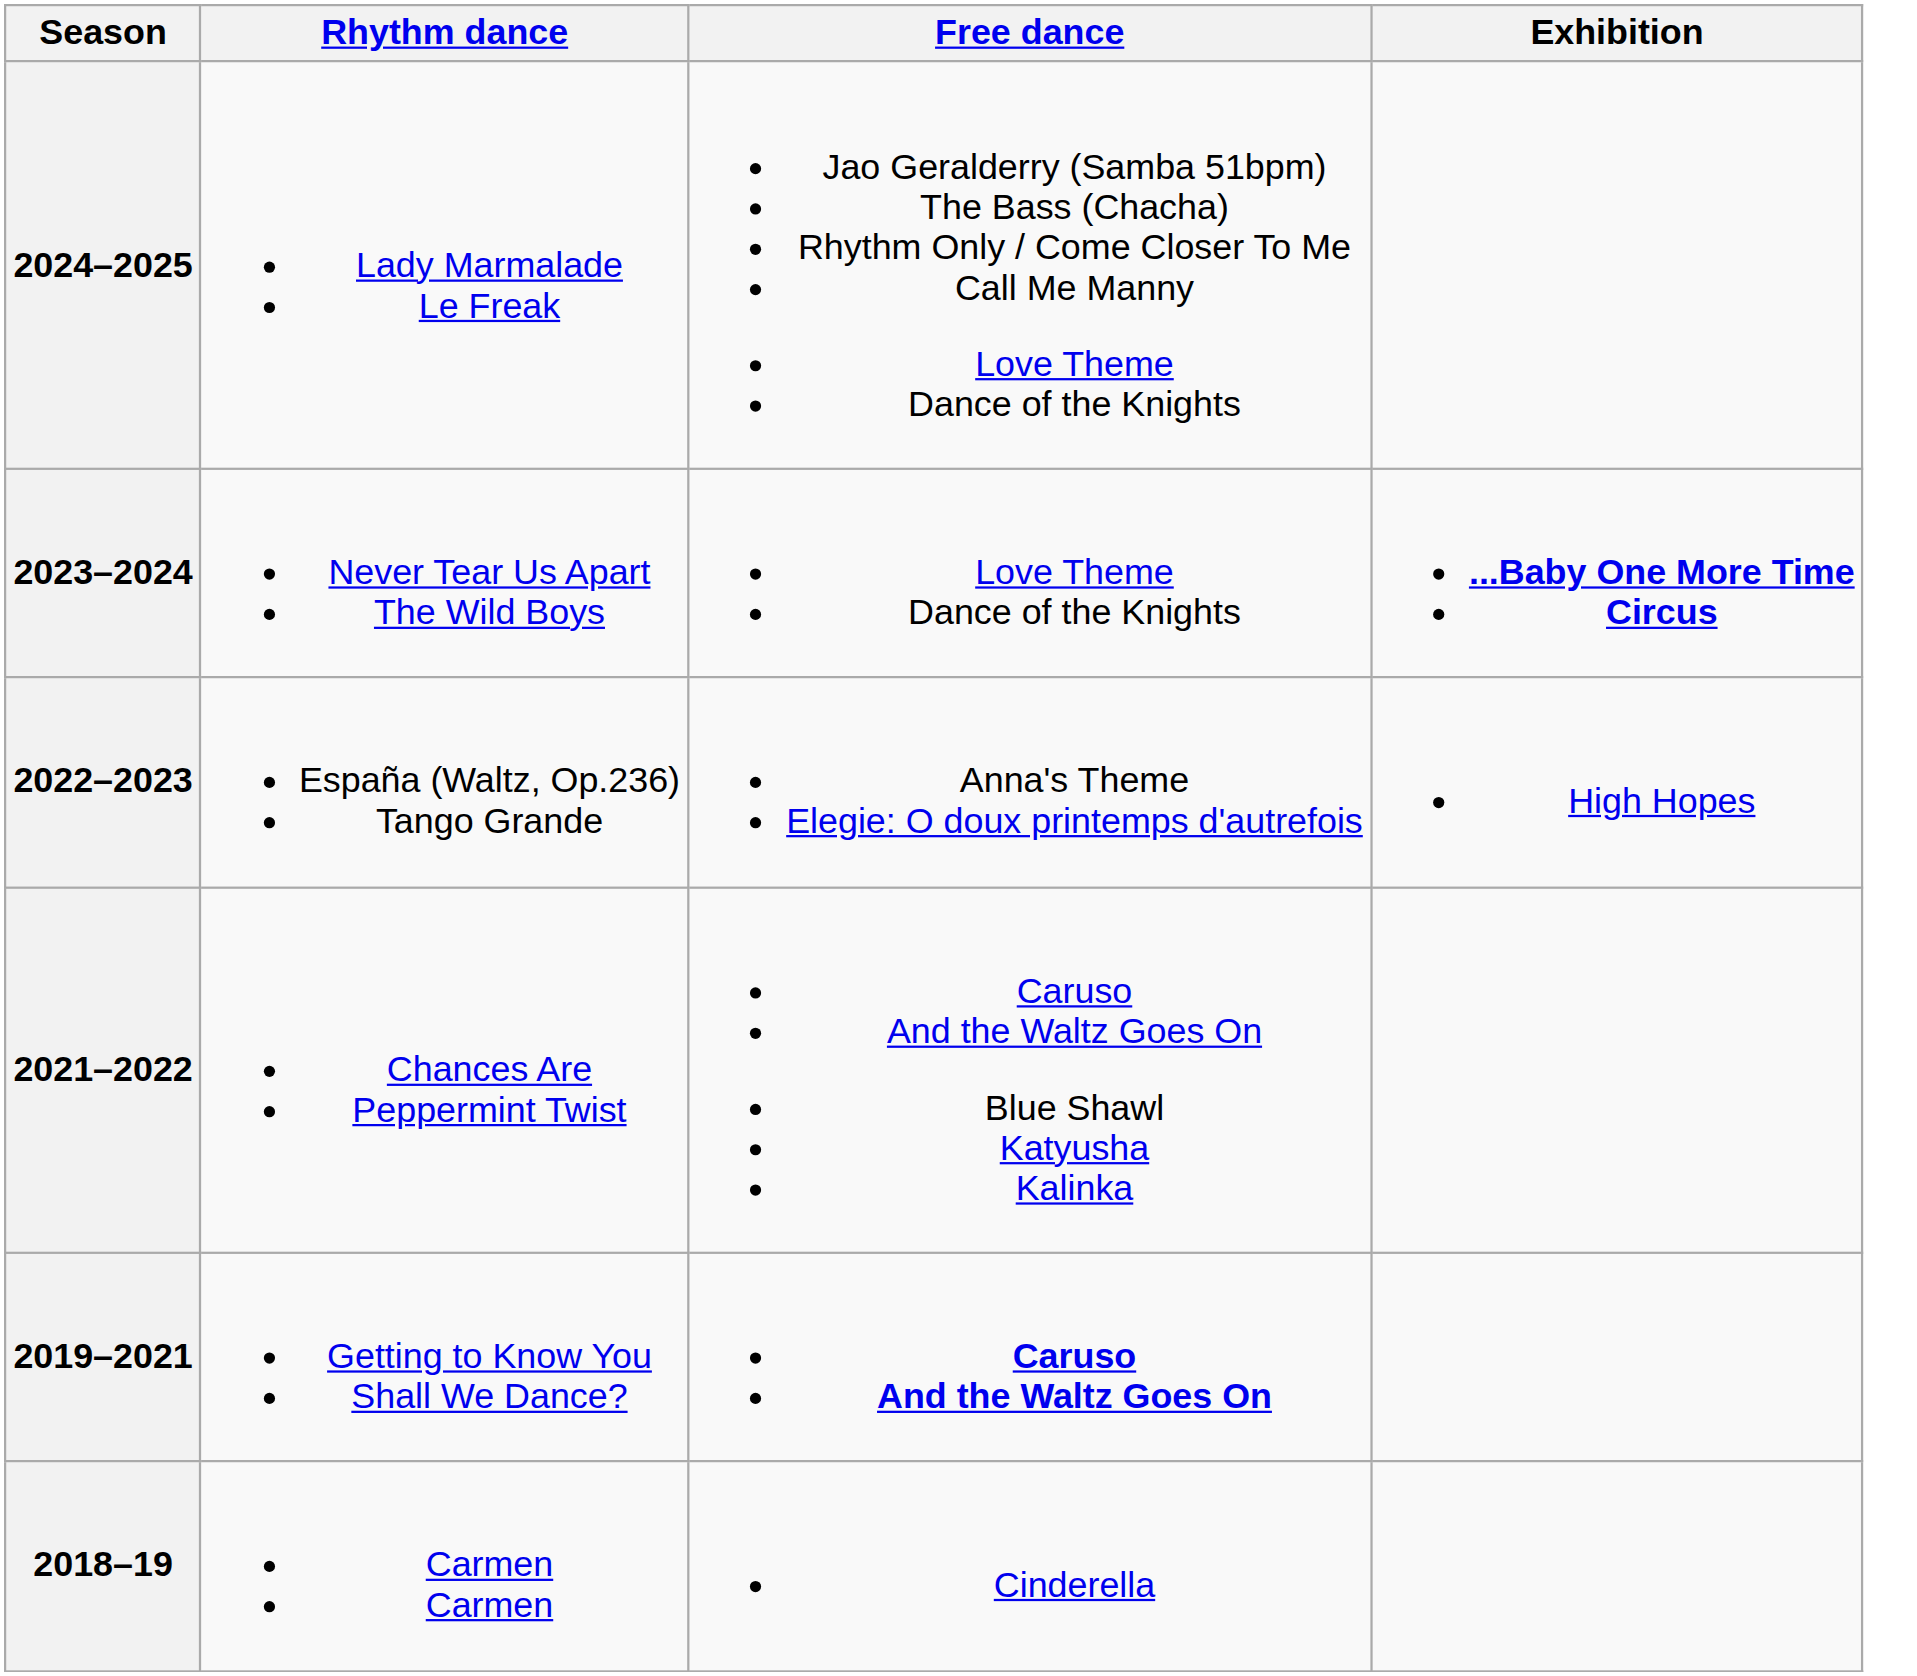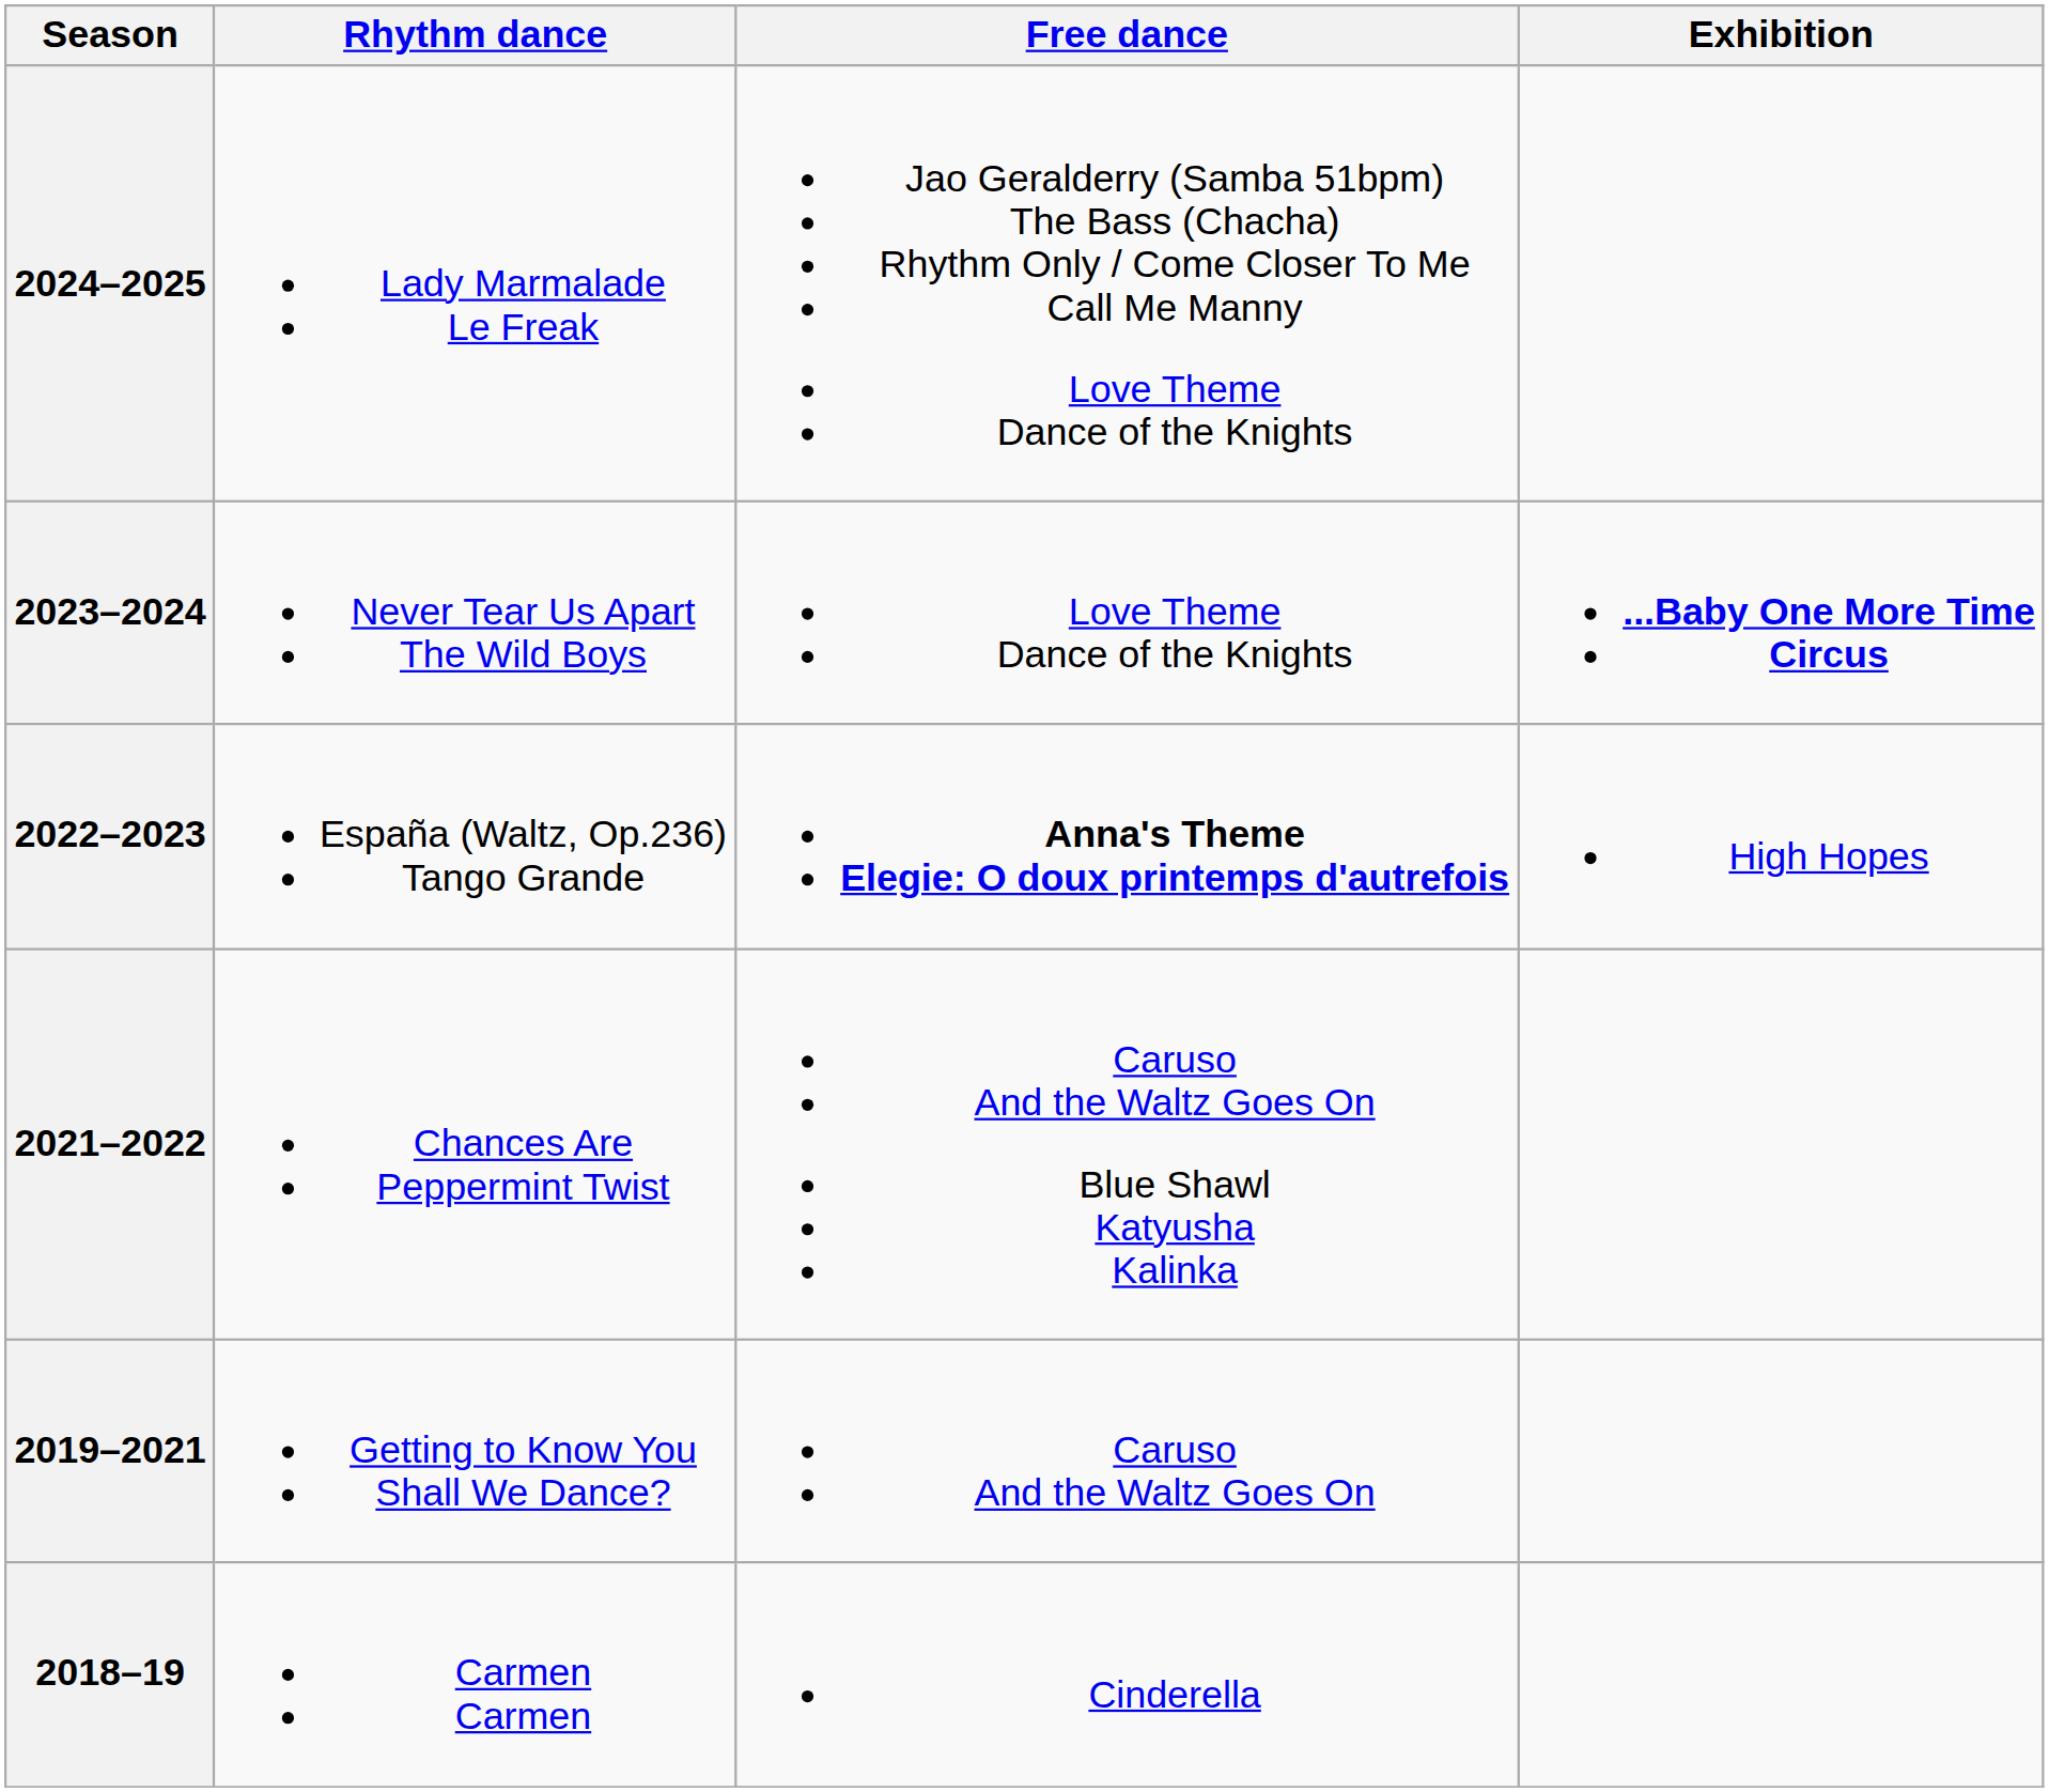 <table class="wikitable" style="text-align:center">
 <tr>
 <th>Season</th>
 <th><a href='#'>Rhythm dance</a></th>
 <th><a href='#'>Free dance</a></th>
 <th>Exhibition</th>
 </tr>
 <tr>
 <th>2024–2025 <br> </th>
 <td><br><ul><li><a href='#'>Lady Marmalade</a> <br> </li><li><a href='#'>Le Freak</a> <br> </li></ul></td>
 <td><br><ul><li>Jao Geralderry (Samba 51bpm)</li><li>The Bass (Chacha) <br> </li><li>Rhythm Only / Come Closer To Me <br> </li><li>Call Me Manny <br> </li></ul><ul><li><a href='#'>Love Theme</a> <br> </li><li>Dance of the Knights <br> </li></ul></td>
 <td></td>
 </tr>
 <tr>
 <th>2023–2024 <br> </th>
 <td><br><ul><li><a href='#'>Never Tear Us Apart</a> <br></li><li><a href='#'>The Wild Boys</a> <br> </li></ul></td>
 <td><br><ul><li><a href='#'>Love Theme</a> <br> </li><li>Dance of the Knights <br> </li></ul></td>
 <td><strong><br><ul><li><a href='#'>...Baby One More Time</a></li><li><a href='#'>Circus</a> <br></li></ul></strong></td>
 </tr>
 <tr>
 <th>2022–2023 <br></th>
 <td><br><ul><li>  España (Waltz, Op.236) <br> </li><li> Tango Grande <br> </li></ul></td>
-<td><br><ul><li>Anna's Theme <br> </li><li><a href='#'>Elegie: O doux printemps d'autrefois</a> <br> </li></ul></td>
+<td><strong><br><ul><li>Anna's Theme <br> </li><li><a href='#'>Elegie: O doux printemps d'autrefois</a> <br> </li></ul></strong></td>
 <td><br><ul><li><a href='#'>High Hopes</a> <br></li></ul></td>
 </tr>
 <tr>
 <th>2021–2022 <br></th>
 <td><br><ul><li> <a href='#'>Chances Are</a><br></li><li> <a href='#'>Peppermint Twist</a> <br> </li></ul></td>
 <td><br><ul><li><a href='#'>Caruso</a> <br> </li><li><a href='#'>And the Waltz Goes On</a> <br> </li></ul><ul><li>Blue Shawl <br> </li><li><a href='#'>Katyusha</a> <br> </li><li><a href='#'>Kalinka</a> <br> </li></ul></td>
 <td></td>
 </tr>
 <tr>
 <th>2019–2021 <br> </th>
 <td><br><ul><li> <a href='#'>Getting to Know You</a></li><li> <a href='#'>Shall We Dance?</a><br></li></ul></td>
-<td><strong><br><ul><li><a href='#'>Caruso</a> <br> </li><li><a href='#'>And the Waltz Goes On</a> <br> </li></ul></strong></td>
+<td><br><ul><li><a href='#'>Caruso</a> <br> </li><li><a href='#'>And the Waltz Goes On</a> <br> </li></ul></td>
 <td></td>
 </tr>
 <tr>
 <th>2018–19 <br> </th>
 <td><br><ul><li> <a href='#'>Carmen</a></li><li> <a href='#'>Carmen</a><br></li></ul></td>
 <td><br><ul><li><a href='#'>Cinderella</a><br></li></ul></td>
 <td></td>
 </tr>
 <tr>
 </tr>
 </table>
